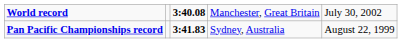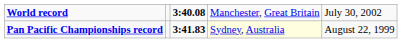 <table class="wikitable">
 <tr>
 <td><strong><a href='#'>World record</a></strong></td>
 <td></td>
 <td><strong>3:40.08</strong></td>
 <td><a href='#'>Manchester</a>, <a href='#'>Great Britain</a></td>
 <td>July 30, 2002</td>
 </tr>
 <tr>
 <td><strong><a href='#'>Pan Pacific Championships record</a></strong></td>
 <td></td>
 <td><strong>3:41.83</strong></td>
-<td><a href='#'>Sydney</a>, <a href='#'>Australia</a></td>
+<td style="background: lightyellow;"><a href='#'>Sydney</a>, <a href='#'>Australia</a></td>
 <td>August 22, 1999</td>
 </tr>
 </table>
